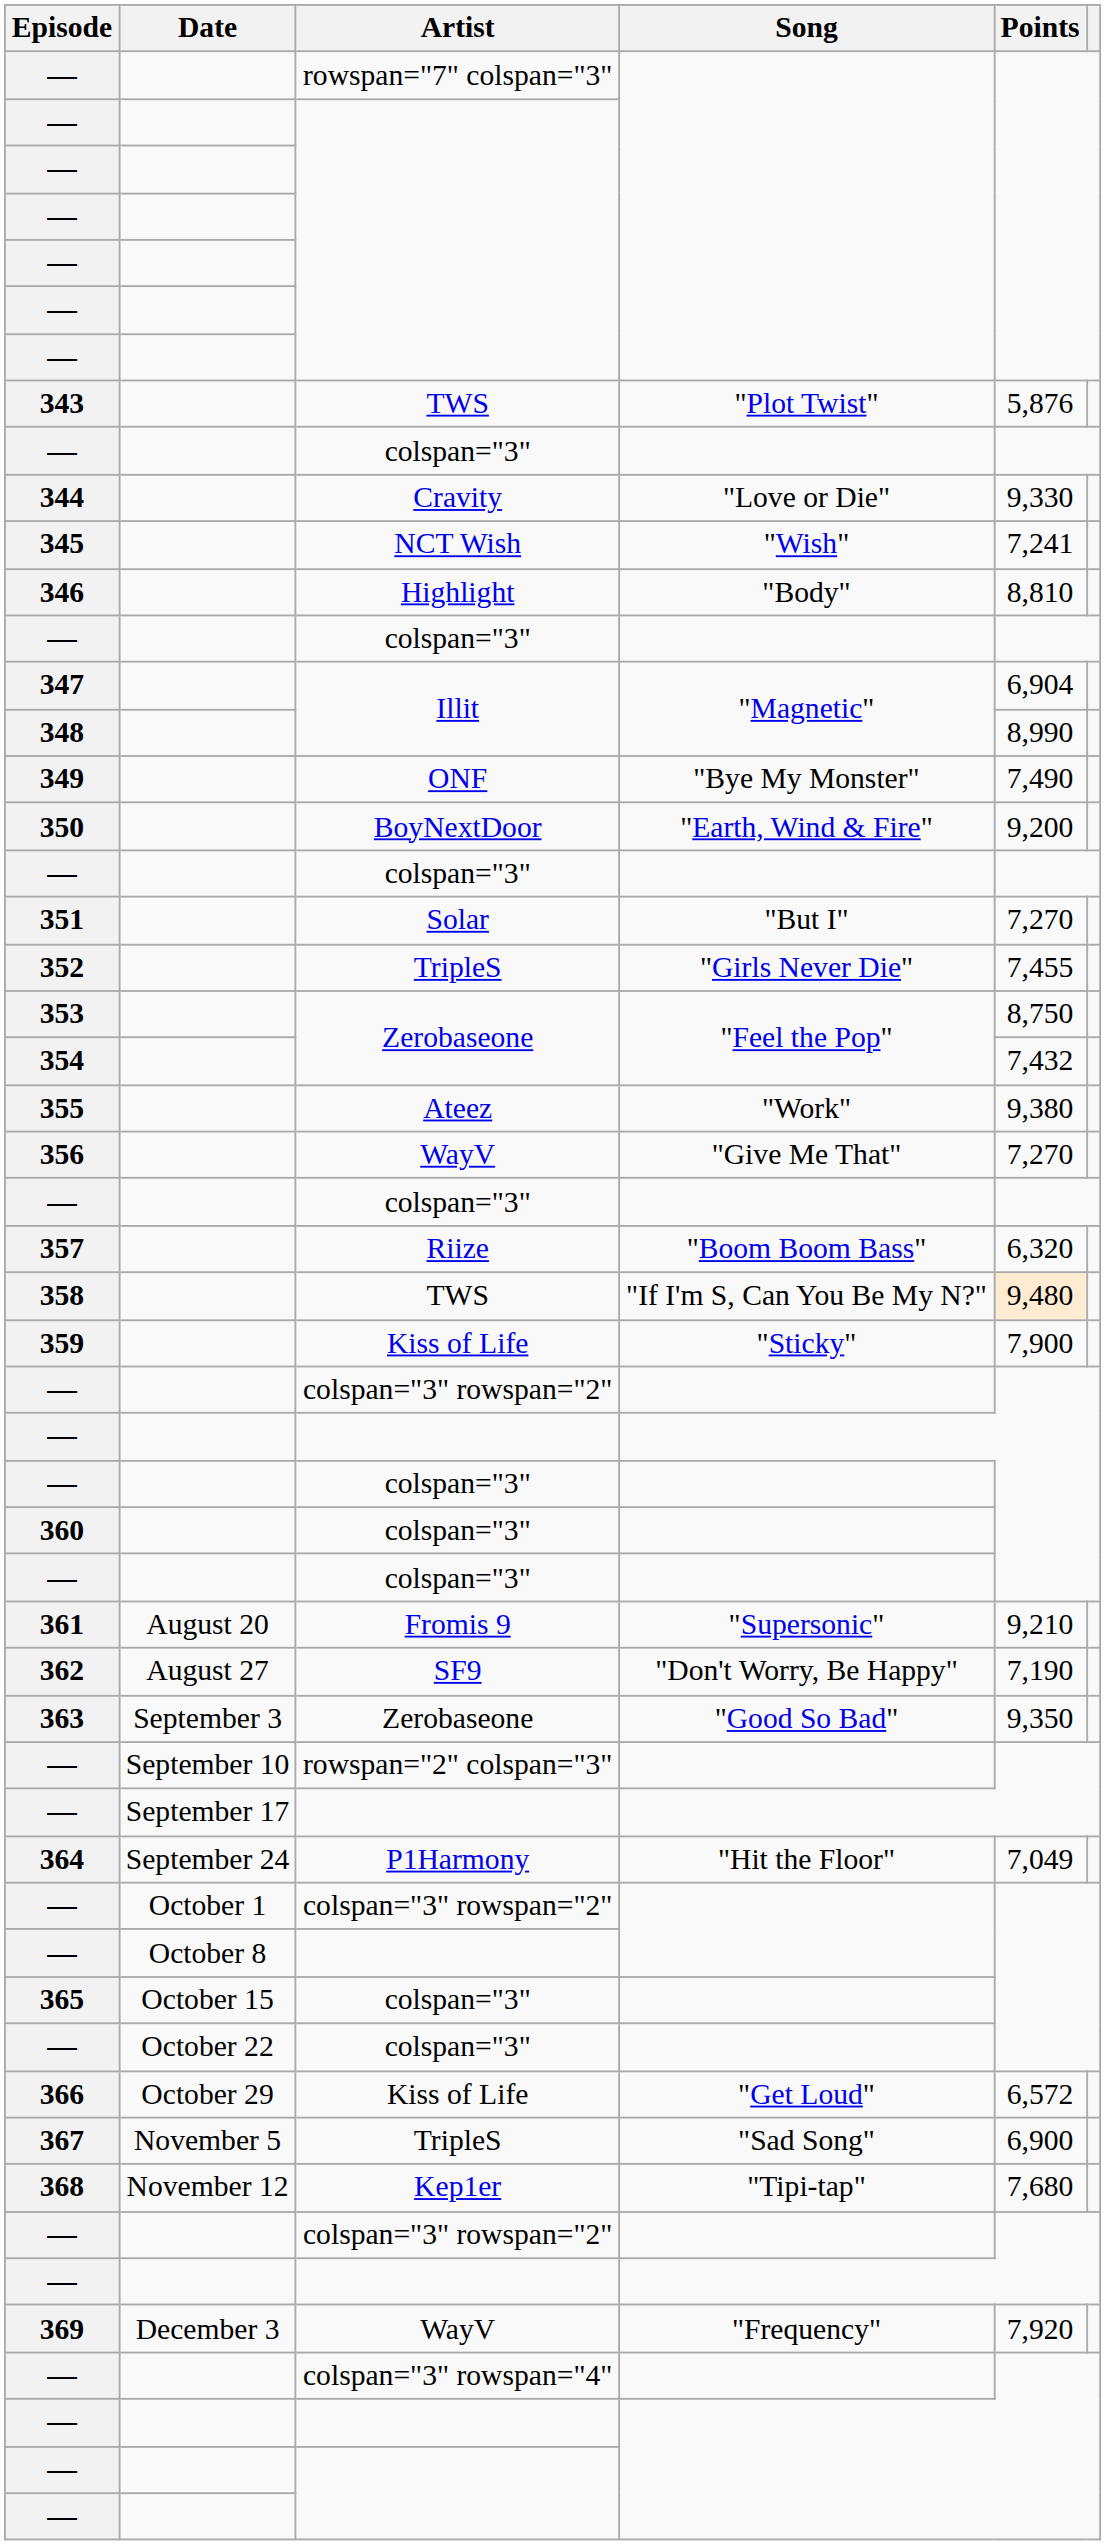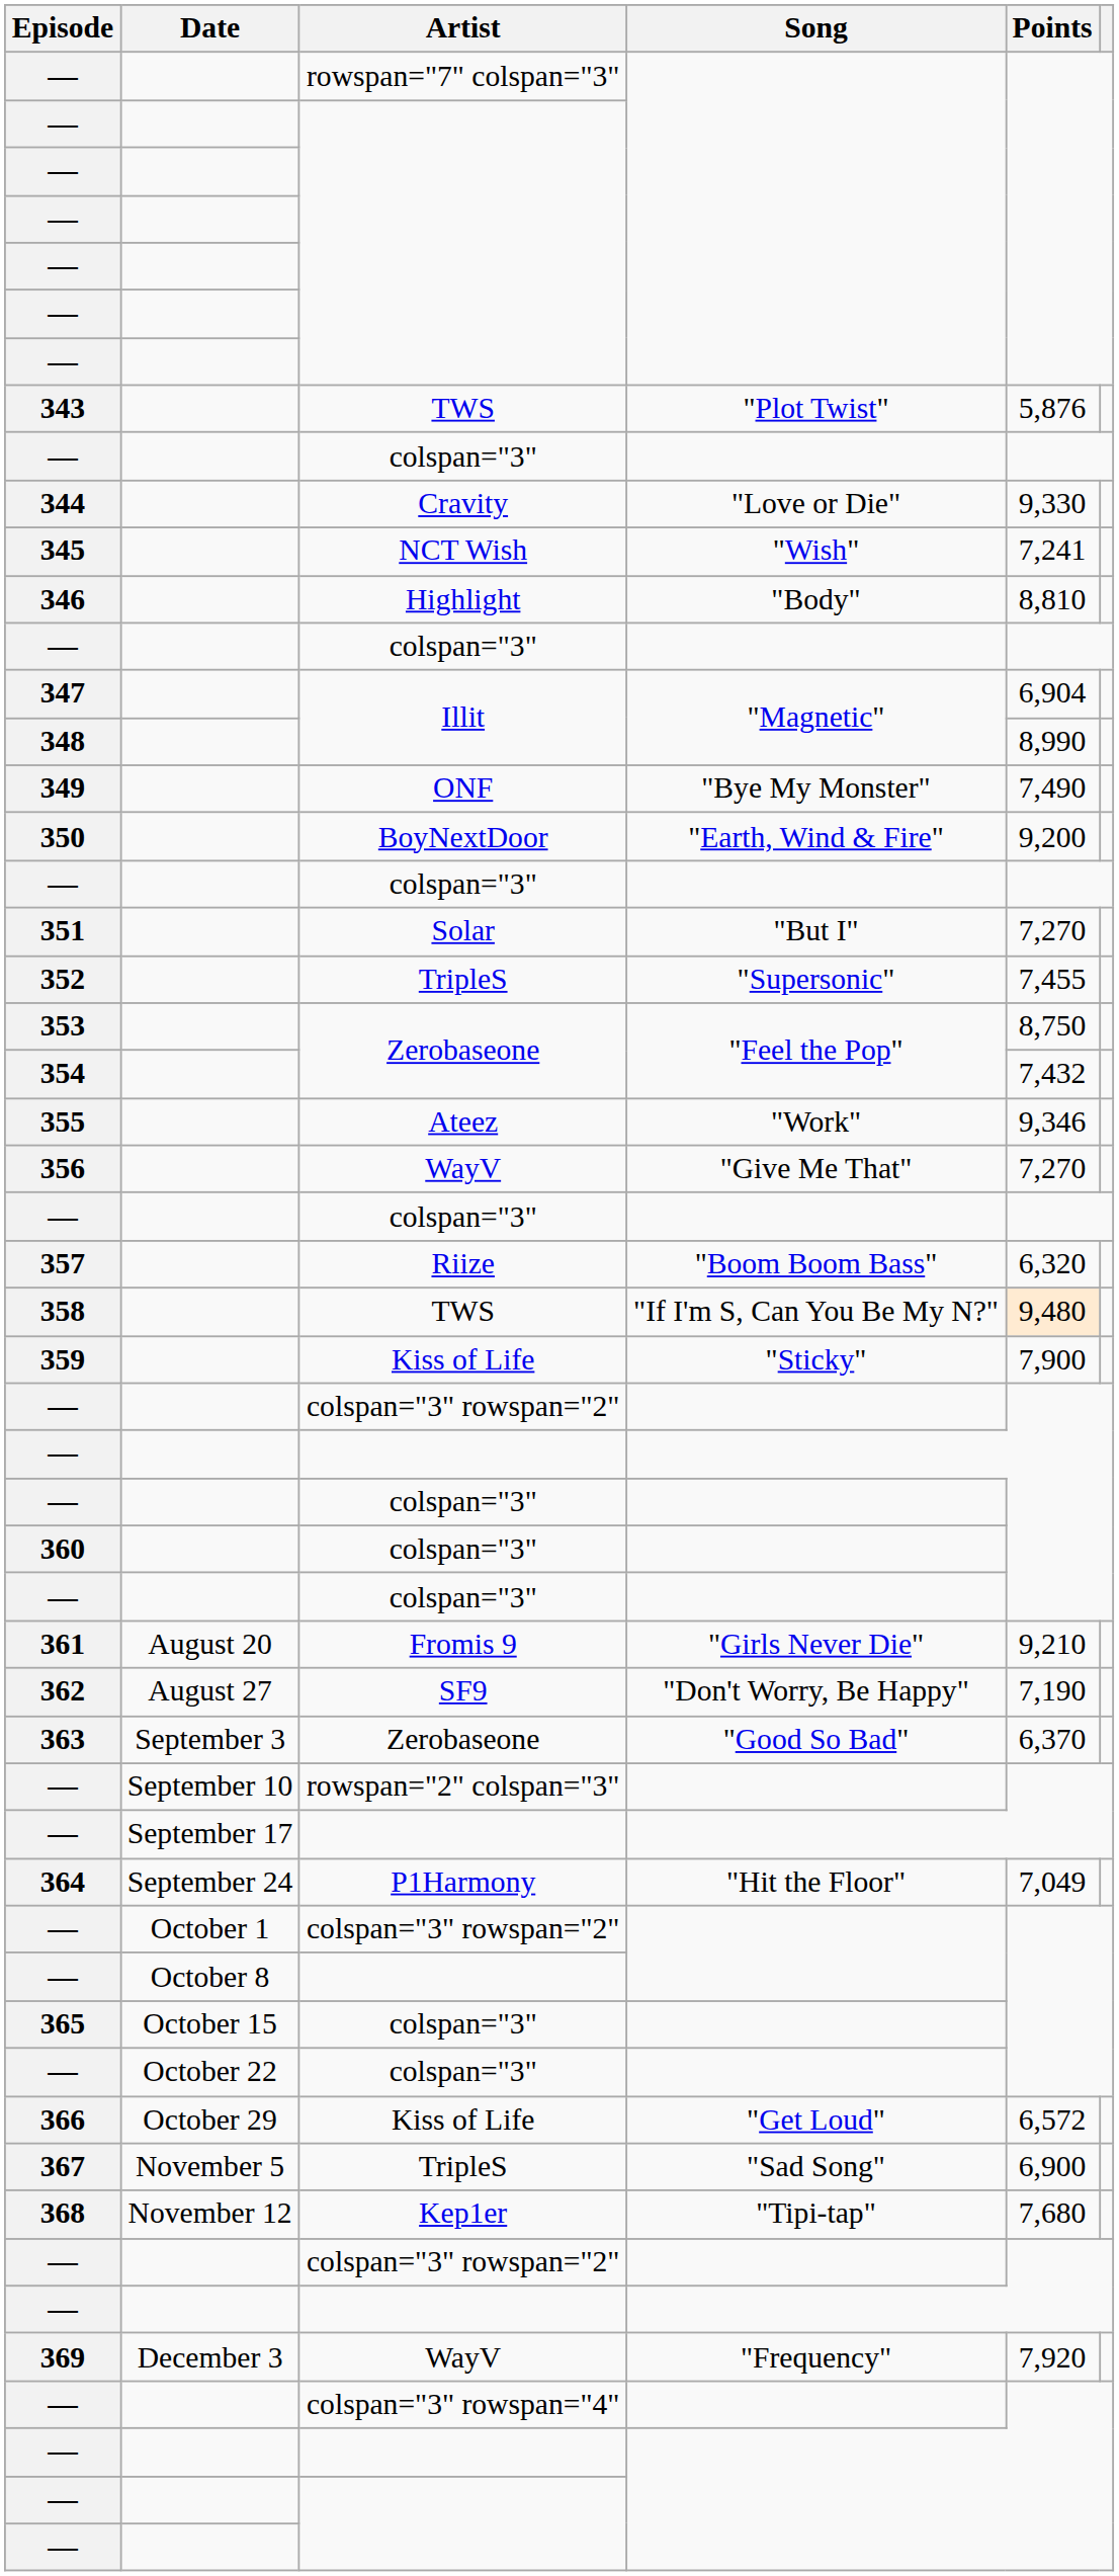 <table class="wikitable plainrowheaders sortable" style="text-align:center">
 <tr>
 <th scope="col">Episode</th>
 <th scope="col">Date</th>
 <th scope="col">Artist</th>
 <th scope="col">Song</th>
 <th scope="col">Points</th>
 <th scope="col" class="unsortable"></th>
 </tr>
 <tr>
 <th scope="row">—</th>
 <td></td>
 <td>rowspan="7" colspan="3" </td>
 <td rowspan="7"></td>
 </tr>
 <tr>
 <th scope="row">—</th>
 <td></td>
 </tr>
 <tr>
 <th scope="row">—</th>
 <td></td>
 </tr>
 <tr>
 <th scope="row">—</th>
 <td></td>
 </tr>
 <tr>
 <th scope="row">—</th>
 <td></td>
 </tr>
 <tr>
 <th scope="row">—</th>
 <td></td>
 </tr>
 <tr>
 <th scope="row">—</th>
 <td></td>
 </tr>
 <tr>
 <th scope="row">343</th>
 <td></td>
 <td><a href='#'>TWS</a></td>
 <td>"<a href='#'>Plot Twist</a>"</td>
 <td>5,876</td>
 <td></td>
 </tr>
 <tr>
 <th scope="row">—</th>
 <td></td>
 <td>colspan="3" </td>
 <td></td>
 </tr>
 <tr>
 <th scope="row">344</th>
 <td></td>
 <td><a href='#'>Cravity</a></td>
 <td>"Love or Die"</td>
 <td>9,330</td>
 <td></td>
 </tr>
 <tr>
 <th scope="row">345</th>
 <td></td>
 <td><a href='#'>NCT Wish</a></td>
 <td>"<a href='#'>Wish</a>"</td>
 <td>7,241</td>
 <td></td>
 </tr>
 <tr>
 <th scope="row">346</th>
 <td></td>
 <td><a href='#'>Highlight</a></td>
 <td>"Body"</td>
 <td>8,810</td>
 <td></td>
 </tr>
 <tr>
 <th scope="row">—</th>
 <td></td>
 <td>colspan="3" </td>
 <td></td>
 </tr>
 <tr>
 <th scope="row">347</th>
 <td></td>
 <td rowspan="2"><a href='#'>Illit</a></td>
 <td rowspan="2">"<a href='#'>Magnetic</a>"</td>
 <td>6,904</td>
 <td></td>
 </tr>
 <tr>
 <th scope="row">348</th>
 <td></td>
 <td>8,990</td>
 <td></td>
 </tr>
 <tr>
 <th scope="row">349</th>
 <td></td>
 <td><a href='#'>ONF</a></td>
 <td>"Bye My Monster"</td>
 <td>7,490</td>
 <td></td>
 </tr>
 <tr>
 <th scope="row">350</th>
 <td></td>
 <td><a href='#'>BoyNextDoor</a></td>
 <td>"<a href='#'>Earth, Wind & Fire</a>"</td>
 <td>9,200</td>
 <td></td>
 </tr>
 <tr>
 <th scope="row">—</th>
 <td></td>
 <td>colspan="3" </td>
 <td></td>
 </tr>
 <tr>
 <th scope="row">351</th>
 <td></td>
 <td><a href='#'>Solar</a></td>
 <td>"But I"</td>
 <td>7,270</td>
 <td></td>
 </tr>
 <tr>
 <th scope="row">352</th>
 <td></td>
 <td><a href='#'>TripleS</a></td>
-<td>"<a href='#'>Girls Never Die</a>"</td>
+<td>"<a href='#'>Supersonic</a>"</td>
 <td>7,455</td>
 <td></td>
 </tr>
 <tr>
 <th scope="row">353</th>
 <td></td>
 <td rowspan="2"><a href='#'>Zerobaseone</a></td>
 <td rowspan="2">"<a href='#'>Feel the Pop</a>"</td>
 <td>8,750</td>
 <td></td>
 </tr>
 <tr>
 <th scope="row">354</th>
 <td></td>
 <td>7,432</td>
 <td></td>
 </tr>
 <tr>
 <th scope="row">355</th>
 <td></td>
 <td><a href='#'>Ateez</a></td>
 <td>"Work"</td>
-<td>9,380</td>
+<td>9,346</td>
 <td></td>
 </tr>
 <tr>
 <th scope="row">356</th>
 <td></td>
 <td><a href='#'>WayV</a></td>
 <td>"Give Me That"</td>
 <td>7,270</td>
 <td></td>
 </tr>
 <tr>
 <th scope="row">—</th>
 <td></td>
 <td>colspan="3" </td>
 <td></td>
 </tr>
 <tr>
 <th scope="row">357</th>
 <td></td>
 <td><a href='#'>Riize</a></td>
 <td>"<a href='#'>Boom Boom Bass</a>"</td>
 <td>6,320</td>
 <td></td>
 </tr>
 <tr>
 <th scope="row">358</th>
 <td></td>
 <td>TWS</td>
 <td>"If I'm S, Can You Be My N?"</td>
 <td style="background:#FFEBD2">9,480</td>
 <td></td>
 </tr>
 <tr>
 <th scope="row">359</th>
 <td></td>
 <td><a href='#'>Kiss of Life</a></td>
 <td>"<a href='#'>Sticky</a>"</td>
 <td>7,900</td>
 <td></td>
 </tr>
 <tr>
 <th scope="row">—</th>
 <td></td>
 <td>colspan="3" rowspan="2" </td>
 <td></td>
 </tr>
 <tr>
 <th scope="row">—</th>
 <td></td>
 <td></td>
 </tr>
 <tr>
 <th scope="row">—</th>
 <td></td>
 <td>colspan="3" </td>
 <td></td>
 </tr>
 <tr>
 <th scope="row">360</th>
 <td></td>
 <td>colspan="3" </td>
 <td></td>
 </tr>
 <tr>
 <th scope="row">—</th>
 <td></td>
 <td>colspan="3" </td>
 <td></td>
 </tr>
 <tr>
 <th scope="row">361</th>
 <td>August 20</td>
 <td><a href='#'>Fromis 9</a></td>
-<td>"<a href='#'>Supersonic</a>"</td>
+<td>"<a href='#'>Girls Never Die</a>"</td>
 <td>9,210</td>
 <td></td>
 </tr>
 <tr>
 <th scope="row">362</th>
 <td>August 27</td>
 <td><a href='#'>SF9</a></td>
 <td>"Don't Worry, Be Happy"</td>
 <td>7,190</td>
 <td></td>
 </tr>
 <tr>
 <th scope="row">363</th>
 <td>September 3</td>
 <td>Zerobaseone</td>
 <td>"<a href='#'>Good So Bad</a>"</td>
-<td>9,350</td>
+<td>6,370</td>
 <td></td>
 </tr>
 <tr>
 <th scope="row">—</th>
 <td>September 10</td>
 <td>rowspan="2" colspan="3" </td>
 <td></td>
 </tr>
 <tr>
 <th scope="row">—</th>
 <td>September 17</td>
 <td></td>
 </tr>
 <tr>
 <th scope="row">364</th>
 <td>September 24</td>
 <td><a href='#'>P1Harmony</a></td>
 <td>"Hit the Floor"</td>
 <td>7,049</td>
 <td></td>
 </tr>
 <tr>
 <th scope="row">—</th>
 <td>October 1</td>
 <td>colspan="3" rowspan="2" </td>
 <td rowspan="2"></td>
 </tr>
 <tr>
 <th scope="row">—</th>
 <td>October 8</td>
 </tr>
 <tr>
 <th scope="row">365</th>
 <td>October 15</td>
 <td>colspan="3" </td>
 <td></td>
 </tr>
 <tr>
 <th scope="row">—</th>
 <td>October 22</td>
 <td>colspan="3" </td>
 <td></td>
 </tr>
 <tr>
 <th scope="row">366</th>
 <td>October 29</td>
 <td>Kiss of Life</td>
 <td>"<a href='#'>Get Loud</a>"</td>
 <td>6,572</td>
 <td></td>
 </tr>
 <tr>
 <th scope="row">367</th>
 <td>November 5</td>
 <td>TripleS</td>
 <td>"Sad Song"</td>
 <td>6,900</td>
 <td></td>
 </tr>
 <tr>
 <th scope="row">368</th>
 <td>November 12</td>
 <td><a href='#'>Kep1er</a></td>
 <td>"Tipi-tap"</td>
 <td>7,680</td>
 <td></td>
 </tr>
 <tr>
 <th scope="row">—</th>
 <td></td>
 <td>colspan="3" rowspan="2" </td>
 <td></td>
 </tr>
 <tr>
 <th scope="row">—</th>
 <td></td>
 <td></td>
 </tr>
 <tr>
 <th scope="row">369</th>
 <td>December 3</td>
 <td>WayV</td>
 <td>"Frequency"</td>
 <td>7,920</td>
 <td></td>
 </tr>
 <tr>
 <th scope="row">—</th>
 <td></td>
 <td>colspan="3" rowspan="4" </td>
 <td></td>
 </tr>
 <tr>
 <th scope="row">—</th>
 <td></td>
 <td></td>
 </tr>
 <tr>
 <th scope="row">—</th>
 <td></td>
 <td rowspan="2"></td>
 </tr>
 <tr>
 <th scope="row">—</th>
 <td></td>
 </tr>
 </table>
